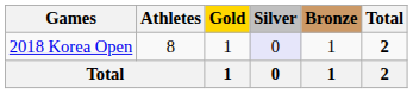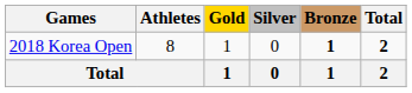 <table class="wikitable" style="text-align:center;">
 <tr>
 <th>Games</th>
 <th>Athletes</th>
 <td style="background:gold; font-weight:bold;">Gold</td>
 <td style="background:silver; font-weight:bold;">Silver</td>
 <td style="background:#cc9966; font-weight:bold;">Bronze</td>
 <th style="font-weight:bold;">Total</th>
 </tr>
 <tr>
 <td align=left> <a href='#'>2018 Korea Open</a></td>
 <td>8</td>
 <td>1</td>
-<td style="background: lavender;">0</td>
-<td>1</td>
+<td>0</td>
+<td><strong>1</strong></td>
 <td><strong>2</strong></td>
 </tr>
 <tr>
 <th colspan=2>Total</th>
 <th>1</th>
 <th>0</th>
 <th>1</th>
 <th>2</th>
 </tr>
 </table>
